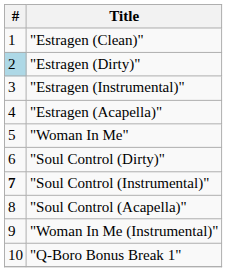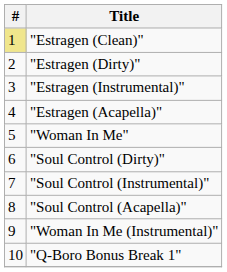 <table class="wikitable">
 <tr>
 <th>#</th>
 <th>Title</th>
 </tr>
 <tr>
-<td>1</td>
+<td style="background: khaki;">1</td>
 <td>"Estragen (Clean)"</td>
 </tr>
 <tr>
-<td style="background: lightblue;">2</td>
+<td>2</td>
 <td>"Estragen (Dirty)"</td>
 </tr>
 <tr>
 <td>3</td>
 <td>"Estragen (Instrumental)"</td>
 </tr>
 <tr>
 <td>4</td>
 <td>"Estragen (Acapella)"</td>
 </tr>
 <tr>
 <td>5</td>
 <td>"Woman In Me"</td>
 </tr>
 <tr>
 <td>6</td>
 <td>"Soul Control (Dirty)"</td>
 </tr>
 <tr>
-<td><strong>7</strong></td>
+<td>7</td>
 <td>"Soul Control (Instrumental)"</td>
 </tr>
 <tr>
 <td>8</td>
 <td>"Soul Control (Acapella)"</td>
 </tr>
 <tr>
 <td>9</td>
 <td>"Woman In Me (Instrumental)"</td>
 </tr>
 <tr>
 <td>10</td>
 <td>"Q-Boro Bonus Break 1"</td>
 </tr>
 <tr>
 </tr>
 </table>
